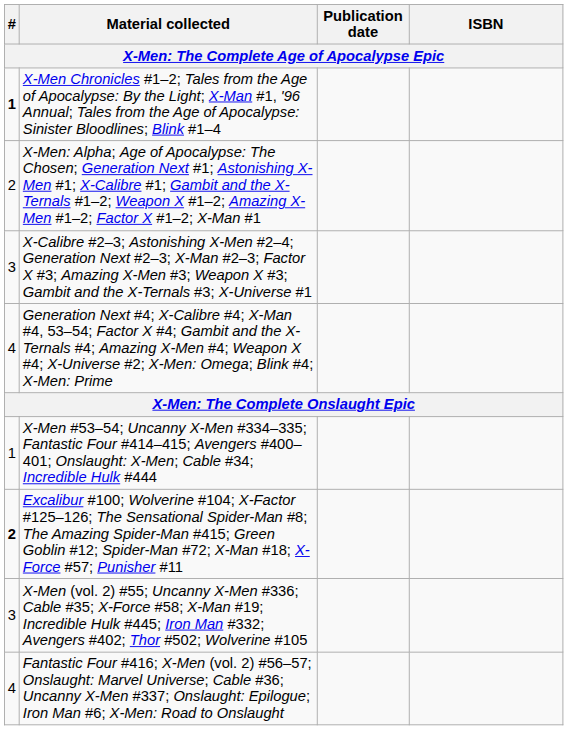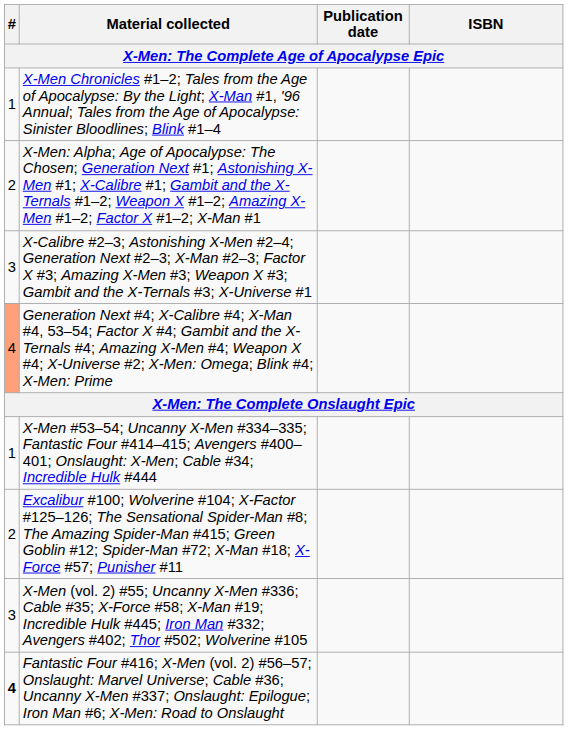 <table class="wikitable sortable">
 <tr>
 <th>#</th>
 <th class="unsortable">Material collected</th>
 <th>Publication date</th>
 <th style="width: 10em;" class="unsortable">ISBN</th>
 </tr>
 <tr>
 <th colspan="4"><strong><em><a href='#'>X-Men: The Complete Age of Apocalypse Epic</a></em></strong></th>
 </tr>
 <tr>
-<td><strong>1</strong></td>
+<td>1</td>
 <td><em><a href='#'>X-Men Chronicles</a></em> #1–2; <em>Tales from the Age of Apocalypse: By the Light</em>; <em><a href='#'>X-Man</a></em> #1, <em> '96 Annual</em>; <em>Tales from the Age of Apocalypse: Sinister Bloodlines</em>; <em><a href='#'>Blink</a></em> #1–4</td>
 <td></td>
 <td></td>
 </tr>
 <tr>
 <td>2</td>
 <td><em>X-Men: Alpha</em>; <em>Age of Apocalypse: The Chosen</em>; <em><a href='#'>Generation Next</a></em> #1; <em><a href='#'>Astonishing X-Men</a></em> #1; <em><a href='#'>X-Calibre</a></em> #1; <em><a href='#'>Gambit and the X-Ternals</a></em> #1–2; <em><a href='#'>Weapon X</a></em> #1–2; <em><a href='#'>Amazing X-Men</a></em> #1–2; <em><a href='#'>Factor X</a></em> #1–2; <em>X-Man</em> #1</td>
 <td></td>
 <td></td>
 </tr>
 <tr>
 <td>3</td>
 <td><em>X-Calibre</em> #2–3; <em>Astonishing X-Men</em> #2–4; <em>Generation Next</em> #2–3; <em>X-Man</em> #2–3; <em>Factor X</em> #3; <em>Amazing X-Men</em> #3; <em>Weapon X</em> #3; <em>Gambit and the X-Ternals</em> #3; <em>X-Universe</em> #1</td>
 <td></td>
 <td></td>
 </tr>
 <tr>
-<td>4</td>
+<td style="background: lightsalmon;">4</td>
 <td><em>Generation Next</em> #4; <em>X-Calibre</em> #4; <em>X-Man</em> #4, 53–54; <em>Factor X</em> #4; <em>Gambit and the X-Ternals</em> #4; <em>Amazing X-Men</em> #4; <em>Weapon X</em> #4; <em>X-Universe</em> #2; <em>X-Men: Omega</em>; <em>Blink</em> #4; <em>X-Men: Prime</em></td>
 <td></td>
 <td></td>
 </tr>
 <tr>
 <th colspan="4"><strong><em><a href='#'>X-Men: The Complete Onslaught Epic</a></em></strong></th>
 </tr>
 <tr>
 <td>1</td>
 <td><em>X-Men</em> #53–54; <em>Uncanny X-Men</em> #334–335; <em>Fantastic Four</em> #414–415; <em>Avengers</em> #400–401; <em>Onslaught: X-Men</em>; <em>Cable</em> #34; <em><a href='#'>Incredible Hulk</a></em> #444</td>
 <td></td>
 <td></td>
 </tr>
 <tr>
-<td><strong>2</strong></td>
+<td>2</td>
 <td><em><a href='#'>Excalibur</a></em> #100; <em>Wolverine</em> #104; <em>X-Factor</em> #125–126; <em>The Sensational Spider-Man</em> #8; <em>The Amazing Spider-Man</em> #415; <em>Green Goblin</em> #12; <em>Spider-Man</em> #72; <em>X-Man</em> #18; <em><a href='#'>X-Force</a></em> #57; <em><a href='#'>Punisher</a></em> #11</td>
 <td></td>
 <td></td>
 </tr>
 <tr>
 <td>3</td>
 <td><em>X-Men</em> (vol. 2) #55; <em>Uncanny X-Men</em> #336; <em>Cable</em> #35; <em>X-Force</em> #58; <em>X-Man</em> #19; <em>Incredible Hulk</em> #445; <em><a href='#'>Iron Man</a></em> #332; <em>Avengers</em> #402; <em><a href='#'>Thor</a></em> #502; <em>Wolverine</em> #105</td>
 <td></td>
 <td></td>
 </tr>
 <tr>
-<td>4</td>
+<td><strong>4</strong></td>
 <td><em>Fantastic Four</em> #416; <em>X-Men</em> (vol. 2) #56–57; <em>Onslaught: Marvel Universe</em>; <em>Cable</em> #36; <em>Uncanny X-Men</em> #337; <em>Onslaught: Epilogue</em>; <em>Iron Man</em> #6; <em>X-Men: Road to Onslaught</em></td>
 <td></td>
 <td></td>
 </tr>
 </table>
